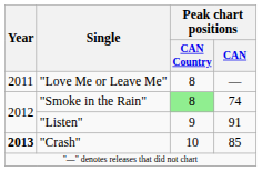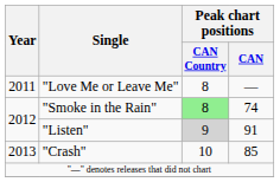 <table class="wikitable" style="text-align:center;">
 <tr>
 <th rowspan="2">Year</th>
 <th rowspan="2">Single</th>
 <th colspan="2">Peak chart<br>positions</th>
 </tr>
 <tr style="font-size:smaller;">
 <th width="45"><a href='#'>CAN Country</a><br></th>
 <th width="45"><a href='#'>CAN</a><br></th>
 </tr>
 <tr>
 <td>2011</td>
 <td align="left">"Love Me or Leave Me"</td>
 <td>8</td>
 <td>—</td>
 </tr>
 <tr>
 <td rowspan="2">2012</td>
 <td align="left">"Smoke in the Rain"</td>
 <td style="background: lightgreen;">8</td>
 <td>74</td>
 </tr>
 <tr>
 <td align="left">"Listen"</td>
-<td>9</td>
+<td style="background: lightgrey;">9</td>
 <td>91</td>
 </tr>
 <tr>
-<td><strong>2013</strong></td>
+<td>2013</td>
 <td align="left">"Crash"</td>
 <td>10</td>
 <td>85</td>
 </tr>
 <tr>
 <td colspan="4" style="font-size:8pt">"—" denotes releases that did not chart</td>
 </tr>
 <tr>
 </tr>
 </table>
